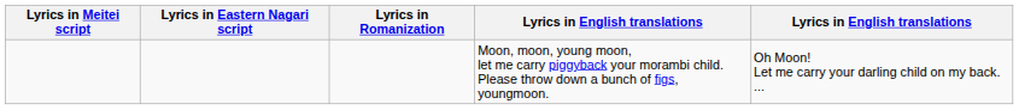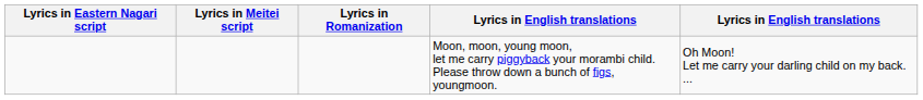 <table class="wikitable">
 <tr>
+<th>Lyrics in <a href='#'>Eastern Nagari script</a></th>
 <th>Lyrics in <a href='#'>Meitei script</a></th>
-<th>Lyrics in <a href='#'>Eastern Nagari script</a></th>
 <th>Lyrics in <a href='#'>Romanization</a></th>
 <th>Lyrics in <a href='#'>English translations</a> </th>
 <th>Lyrics in <a href='#'>English translations</a> </th>
 </tr>
 <tr>
 <td></td>
 <td></td>
 <td></td>
 <td>Moon, moon, young moon, <br> let me carry <a href='#'>piggyback</a> your morambi child. <br> Please throw down a bunch of <a href='#'>figs</a>, youngmoon.</td>
 <td>Oh Moon! <br> Let me carry your darling child on my back. ...</td>
 </tr>
 </table>
